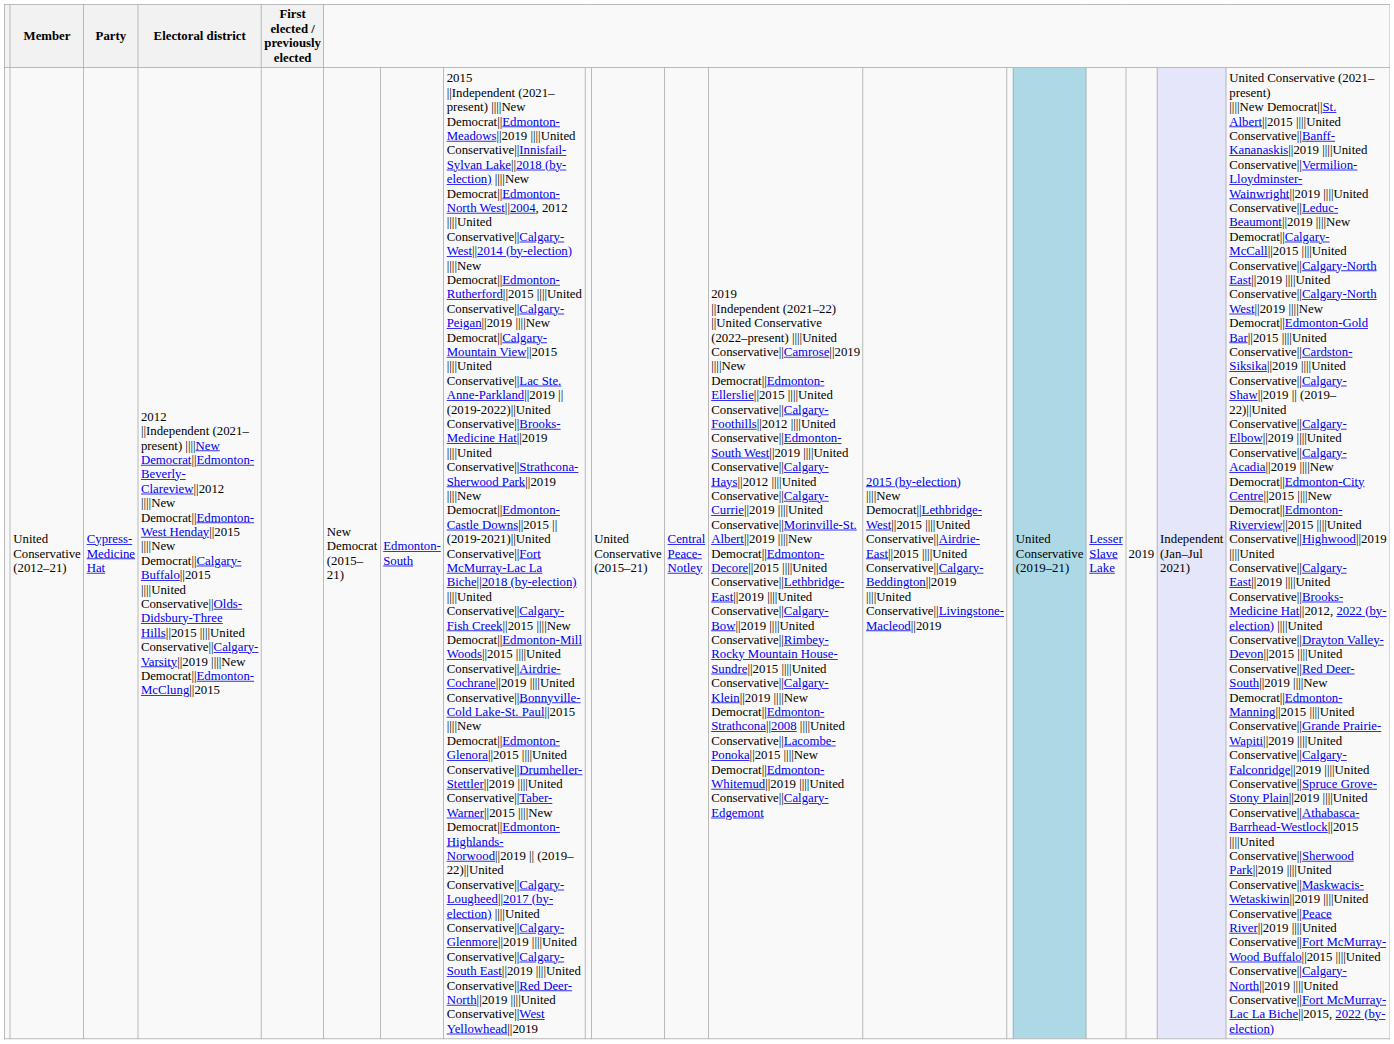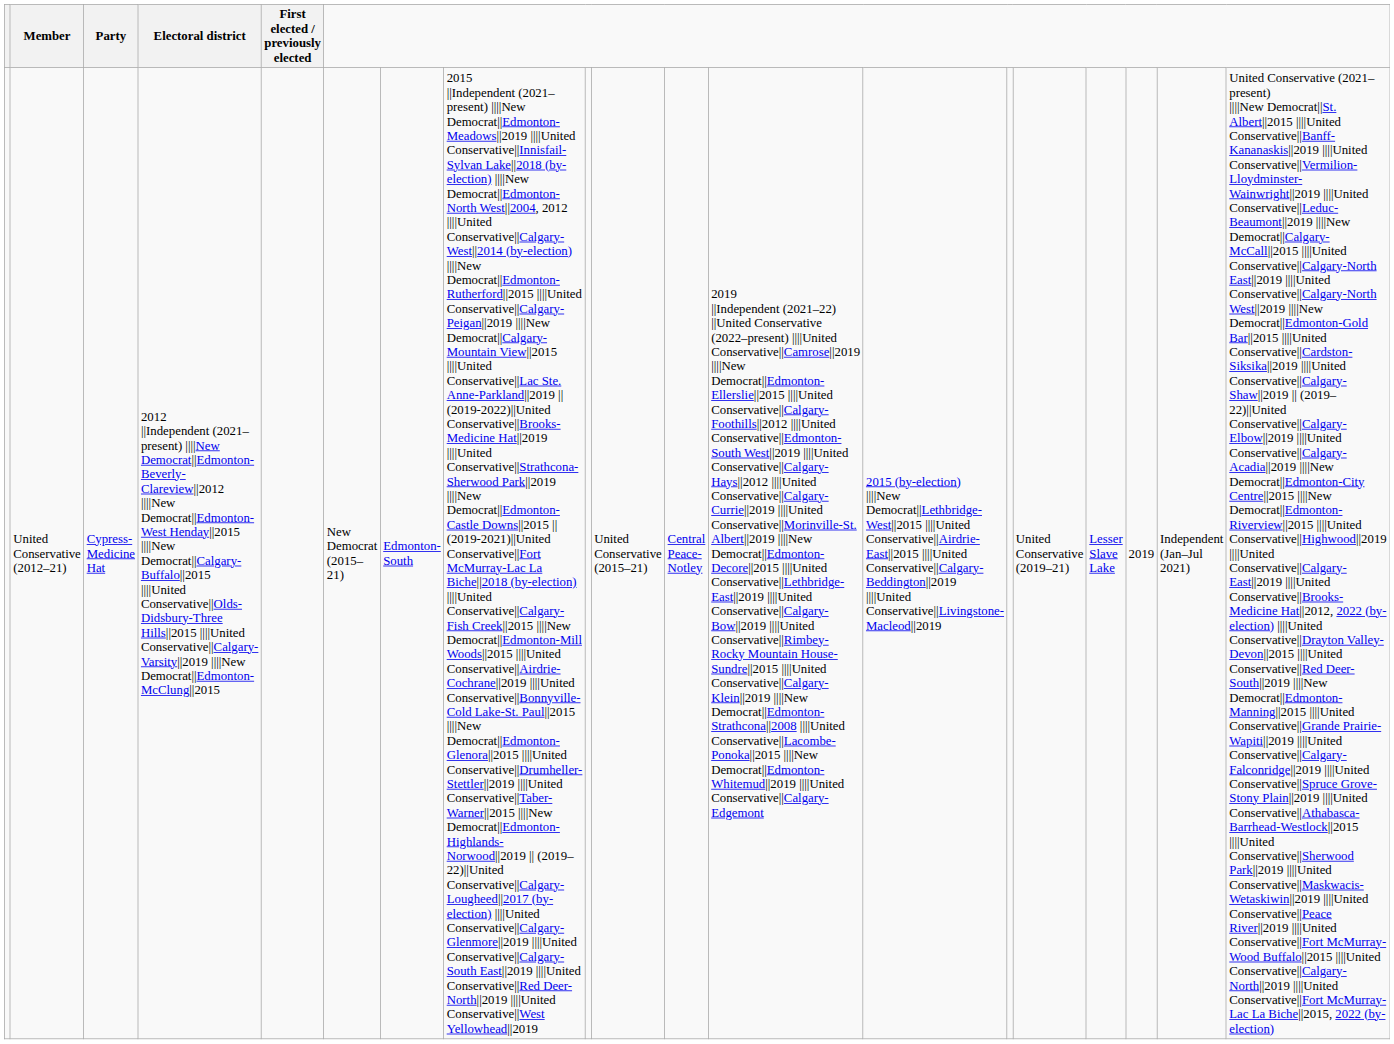 <table class="wikitable sortable">
 <tr>
 <th></th>
 <th>Member</th>
 <th>Party</th>
 <th>Electoral district</th>
 <th>First elected / previously elected</th>
 </tr>
 <tr>
 <td rowspan=2></td>
 <td>United Conservative (2012–21)</td>
 <td rowspan=2><a href='#'>Cypress-Medicine Hat</a></td>
 <td rowspan=2>2012<br>||Independent (2021–present) ||||<a href='#'>New Democrat</a>||<a href='#'>Edmonton-Beverly-Clareview</a>||2012 ||||New Democrat||<a href='#'>Edmonton-West Henday</a>||2015 ||||New Democrat||<a href='#'>Calgary-Buffalo</a>||2015 ||||United Conservative||<a href='#'>Olds-Didsbury-Three Hills</a>||2015 ||<strong></strong>||United Conservative||<a href='#'>Calgary-Varsity</a>||2019 ||||New Democrat||<a href='#'>Edmonton-McClung</a>||2015 </td>
 <td rowspan=2></td>
 <td>New Democrat (2015–21)</td>
 <td rowspan=2><a href='#'>Edmonton-South</a></td>
 <td rowspan=2>2015<br>||Independent (2021–present) ||||New Democrat||<a href='#'>Edmonton-Meadows</a>||2019 ||<strong></strong>||United Conservative||<a href='#'>Innisfail-Sylvan Lake</a>||<a href='#'>2018 (by-election)</a> ||||New Democrat||<a href='#'>Edmonton-North West</a>||<a href='#'>2004</a>, 2012 ||||United Conservative||<a href='#'>Calgary-West</a>||<a href='#'>2014 (by-election)</a> ||||New Democrat||<a href='#'>Edmonton-Rutherford</a>||2015 ||<strong></strong>||United Conservative||<a href='#'>Calgary-Peigan</a>||2019 ||||New Democrat||<a href='#'>Calgary-Mountain View</a>||2015 ||||United Conservative||<a href='#'>Lac Ste. Anne-Parkland</a>||2019 || (2019-2022)||United Conservative||<a href='#'>Brooks-Medicine Hat</a>||2019 ||<strong></strong>||United Conservative||<a href='#'>Strathcona-Sherwood Park</a>||2019 ||||New Democrat||<a href='#'>Edmonton-Castle Downs</a>||2015 || (2019-2021)||United Conservative||<a href='#'>Fort McMurray-Lac La Biche</a>||<a href='#'>2018 (by-election)</a> ||||United Conservative||<a href='#'>Calgary-Fish Creek</a>||2015 ||||New Democrat||<a href='#'>Edmonton-Mill Woods</a>||2015 ||||United Conservative||<a href='#'>Airdrie-Cochrane</a>||2019 ||||United Conservative||<a href='#'>Bonnyville-Cold Lake-St. Paul</a>||2015 ||||New Democrat||<a href='#'>Edmonton-Glenora</a>||2015 ||||United Conservative||<a href='#'>Drumheller-Stettler</a>||2019 ||<strong></strong>||United Conservative||<a href='#'>Taber-Warner</a>||2015 ||||New Democrat||<a href='#'>Edmonton-Highlands-Norwood</a>||2019 || (2019–22)||United Conservative||<a href='#'>Calgary-Lougheed</a>||<a href='#'>2017 (by-election)</a> ||||United Conservative||<a href='#'>Calgary-Glenmore</a>||2019 ||||United Conservative||<a href='#'>Calgary-South East</a>||2019 ||<strong></strong>||United Conservative||<a href='#'>Red Deer-North</a>||2019 ||||United Conservative||<a href='#'>West Yellowhead</a>||2019 </td>
 <td rowspan=3></td>
 <td>United Conservative (2015–21)</td>
 <td rowspan=3><a href='#'>Central Peace-Notley</a></td>
 <td rowspan=3>2019<br>||Independent (2021–22) ||United Conservative (2022–present) ||||United Conservative||<a href='#'>Camrose</a>||2019 ||||New Democrat||<a href='#'>Edmonton-Ellerslie</a>||2015 ||<strong></strong>||United Conservative||<a href='#'>Calgary-Foothills</a>||2012 ||<strong></strong>||United Conservative||<a href='#'>Edmonton-South West</a>||2019 ||<strong></strong>||United Conservative||<a href='#'>Calgary-Hays</a>||2012 ||||United Conservative||<a href='#'>Calgary-Currie</a>||2019 ||<strong></strong>||United Conservative||<a href='#'>Morinville-St. Albert</a>||2019 ||||New Democrat||<a href='#'>Edmonton-Decore</a>||2015 ||||United Conservative||<a href='#'>Lethbridge-East</a>||2019 ||<strong></strong>||United Conservative||<a href='#'>Calgary-Bow</a>||2019 ||<strong></strong>||United Conservative||<a href='#'>Rimbey-Rocky Mountain House-Sundre</a>||2015 ||||United Conservative||<a href='#'>Calgary-Klein</a>||2019 ||<em></em>||New Democrat||<a href='#'>Edmonton-Strathcona</a>||<a href='#'>2008</a> ||||United Conservative||<a href='#'>Lacombe-Ponoka</a>||2015 ||||New Democrat||<a href='#'>Edmonton-Whitemud</a>||2019 ||<strong></strong>||United Conservative||<a href='#'>Calgary-Edgemont</a></td>
 <td data-sort-value="2015.5"><a href='#'>2015 (by-election)</a><br>||||New Democrat||<a href='#'>Lethbridge-West</a>||2015 ||||United Conservative||<a href='#'>Airdrie-East</a>||2015 ||<strong></strong>||United Conservative||<a href='#'>Calgary-Beddington</a>||2019 ||||United Conservative||<a href='#'>Livingstone-Macleod</a>||2019 </td>
 <td rowspan=3></td>
-<td style="background: lightblue;">United Conservative (2019–21)</td>
+<td>United Conservative (2019–21)</td>
 <td rowspan=3><a href='#'>Lesser Slave Lake</a></td>
 <td rowspan=3>2019<br></td>
-<td style="background: lavender;">Independent (Jan–Jul 2021)<br></td>
+<td>Independent (Jan–Jul 2021)<br></td>
 <td>United Conservative (2021–present)<br>||||New Democrat||<a href='#'>St. Albert</a>||2015 ||||United Conservative||<a href='#'>Banff-Kananaskis</a>||2019 ||||United Conservative||<a href='#'>Vermilion-Lloydminster-Wainwright</a>||2019 ||||United Conservative||<a href='#'>Leduc-Beaumont</a>||2019 ||||New Democrat||<a href='#'>Calgary-McCall</a>||2015 ||<strong></strong>||United Conservative||<a href='#'>Calgary-North East</a>||2019 ||<strong></strong>||United Conservative||<a href='#'>Calgary-North West</a>||2019 ||||New Democrat||<a href='#'>Edmonton-Gold Bar</a>||2015 ||||United Conservative||<a href='#'>Cardston-Siksika</a>||2019 ||<strong></strong>||United Conservative||<a href='#'>Calgary-Shaw</a>||2019 || (2019–22)||United Conservative||<a href='#'>Calgary-Elbow</a>||2019 ||<strong></strong>||United Conservative||<a href='#'>Calgary-Acadia</a>||2019 ||||New Democrat||<a href='#'>Edmonton-City Centre</a>||2015 ||||New Democrat||<a href='#'>Edmonton-Riverview</a>||2015 ||||United Conservative||<a href='#'>Highwood</a>||2019 ||||United Conservative||<a href='#'>Calgary-East</a>||2019 ||<strong><em></em></strong>||United Conservative||<a href='#'>Brooks-Medicine Hat</a>||2012, <a href='#'>2022 (by-election)</a> ||||United Conservative||<a href='#'>Drayton Valley-Devon</a>||2015 ||||United Conservative||<a href='#'>Red Deer-South</a>||2019 ||||New Democrat||<a href='#'>Edmonton-Manning</a>||2015 ||<strong></strong>||United Conservative||<a href='#'>Grande Prairie-Wapiti</a>||2019 ||||United Conservative||<a href='#'>Calgary-Falconridge</a>||2019 ||||United Conservative||<a href='#'>Spruce Grove-Stony Plain</a>||2019 ||||United Conservative||<a href='#'>Athabasca-Barrhead-Westlock</a>||2015 ||||United Conservative||<a href='#'>Sherwood Park</a>||2019 ||<strong></strong>||United Conservative||<a href='#'>Maskwacis-Wetaskiwin</a>||2019 ||||United Conservative||<a href='#'>Peace River</a>||2019 ||||United Conservative||<a href='#'>Fort McMurray-Wood Buffalo</a>||2015 ||||United Conservative||<a href='#'>Calgary-North</a>||2019 ||||United Conservative||<a href='#'>Fort McMurray-Lac La Biche</a>||2015, <a href='#'>2022 (by-election)</a></td>
 </tr>
 </table>
